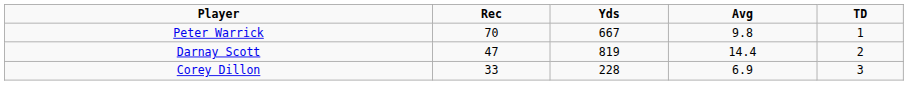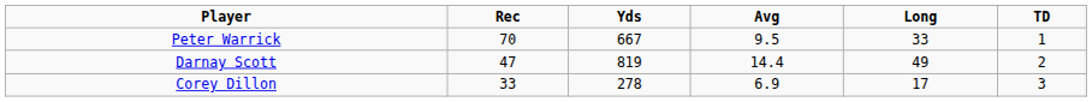 <table class="wikitable" width="80%">
 <tr align="center">
 <td><strong>Player</strong></td>
 <td><strong>Rec</strong></td>
 <td><strong>Yds</strong></td>
 <td><strong>Avg</strong></td>
+<td><strong>Long</strong></td>
 <td><strong>TD</strong></td>
 </tr>
 <tr align="center" bgcolor="">
 <td><a href='#'>Peter Warrick</a></td>
 <td>70</td>
 <td>667</td>
-<td>9.8</td>
+<td>9.5</td>
+<td>33</td>
 <td>1</td>
 </tr>
 <tr align="center" bgcolor="">
 <td><a href='#'>Darnay Scott</a></td>
 <td>47</td>
 <td>819</td>
 <td>14.4</td>
+<td>49</td>
 <td>2</td>
 </tr>
 <tr align="center" bgcolor="">
 <td><a href='#'>Corey Dillon</a></td>
 <td>33</td>
-<td>228</td>
+<td>278</td>
 <td>6.9</td>
+<td>17</td>
 <td>3</td>
 </tr>
 </table>
